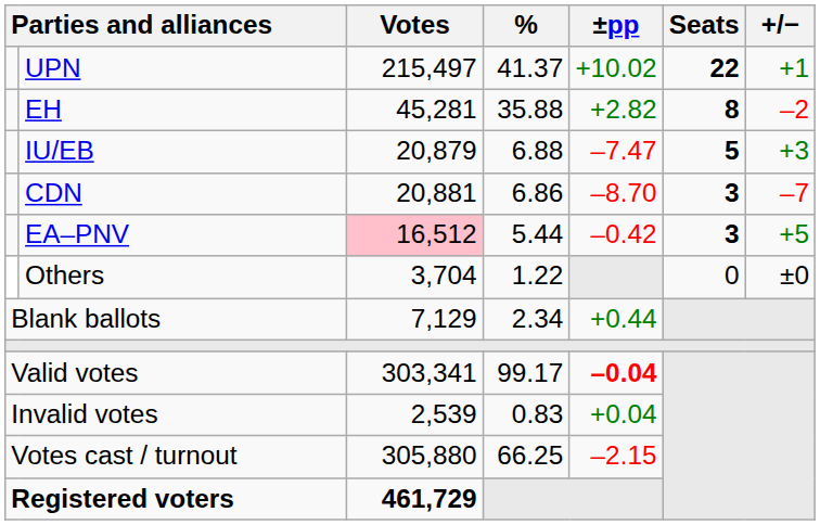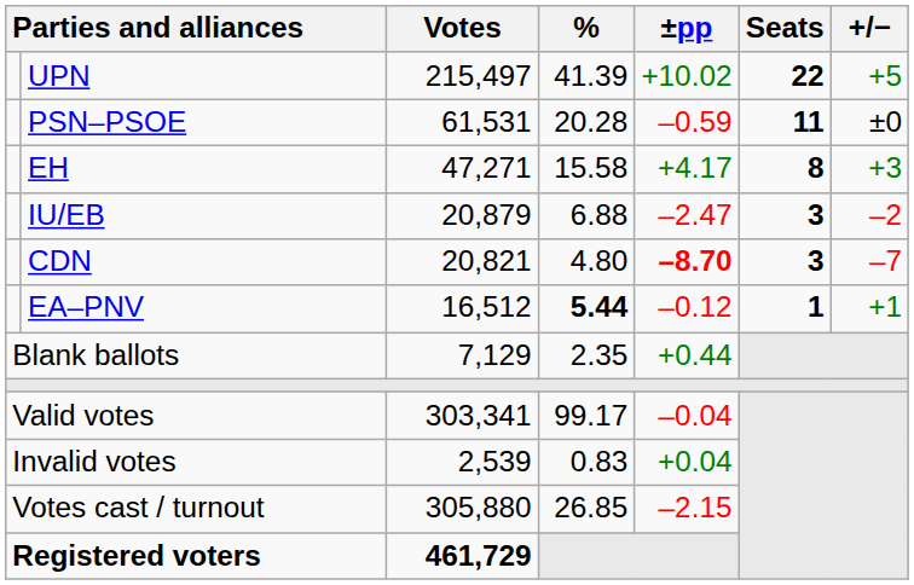 <table class="wikitable" style="text-align:right;">
 <tr>
 <th style="text-align:left;" colspan="2" width="200">Parties and alliances</th>
 <th width="75">Votes</th>
 <th width="45">%</th>
 <th width="45">±<a href='#'>pp</a></th>
 <th width="35">Seats</th>
 <th width="35">+/−</th>
 </tr>
 <tr>
 <td width="1" style="color:inherit;background:"></td>
 <td align="left"><a href='#'>UPN</a></td>
 <td>215,497</td>
-<td>41.37</td>
+<td>41.39</td>
 <td style="color:green;">+10.02</td>
 <td><strong>22</strong></td>
-<td style="color:green;">+1</td>
+<td style="color:green;">+5</td>
+</tr>
+<tr>
+<td style="color:inherit;background:"></td>
+<td align="left"><a href='#'>PSN–PSOE</a></td>
+<td>61,531</td>
+<td>20.28</td>
+<td style="color:red;">–0.59</td>
+<td><strong>11</strong></td>
+<td>±0</td>
 </tr>
 <tr>
 <td style="color:inherit;background:"></td>
 <td align="left"><a href='#'>EH</a></td>
-<td>45,281</td>
-<td>35.88</td>
-<td style="color:green;">+2.82</td>
+<td>47,271</td>
+<td>15.58</td>
+<td style="color:green;">+4.17</td>
 <td><strong>8</strong></td>
-<td style="color:red;">–2</td>
+<td style="color:green;">+3</td>
 </tr>
 <tr>
 <td style="color:inherit;background:"></td>
 <td align="left"><a href='#'>IU/EB</a></td>
 <td>20,879</td>
 <td>6.88</td>
-<td style="color:red;">–7.47</td>
-<td><strong>5</strong></td>
-<td style="color:green;">+3</td>
+<td style="color:red;">–2.47</td>
+<td><strong>3</strong></td>
+<td style="color:red;">–2</td>
 </tr>
 <tr>
 <td style="color:inherit;background:"></td>
 <td align="left"><a href='#'>CDN</a></td>
-<td>20,881</td>
-<td>6.86</td>
-<td style="color:red;">–8.70</td>
+<td>20,821</td>
+<td>4.80</td>
+<td style="color:red;"><strong>–8.70</strong></td>
 <td><strong>3</strong></td>
 <td style="color:red;">–7</td>
 </tr>
 <tr>
 <td style="color:inherit;background:"></td>
 <td align="left"><a href='#'>EA–PNV</a></td>
-<td style="background: pink;">16,512</td>
-<td>5.44</td>
-<td style="color:red;">–0.42</td>
-<td><strong>3</strong></td>
-<td style="color:green;">+5</td>
-</tr>
-<tr>
-<td bgcolor="white"></td>
-<td align="left">Others</td>
-<td>3,704</td>
-<td>1.22</td>
-<td bgcolor="#E9E9E9"></td>
-<td>0</td>
-<td>±0</td>
+<td>16,512</td>
+<td><strong>5.44</strong></td>
+<td style="color:red;">–0.12</td>
+<td><strong>1</strong></td>
+<td style="color:green;">+1</td>
 </tr>
 <tr>
 <td align="left" colspan="2">Blank ballots</td>
 <td>7,129</td>
-<td>2.34</td>
+<td>2.35</td>
 <td style="color:green;">+0.44</td>
 <td bgcolor="#E9E9E9" colspan="2"></td>
 </tr>
 <tr>
 <td colspan="7" bgcolor="#E9E9E9"></td>
 </tr>
 <tr>
 <td align="left" colspan="2">Valid votes</td>
 <td>303,341</td>
 <td>99.17</td>
-<td style="color:red;"><strong>–0.04</strong></td>
+<td style="color:red;">–0.04</td>
 <td bgcolor="#E9E9E9" colspan="2" rowspan="4"></td>
 </tr>
 <tr>
 <td align="left" colspan="2">Invalid votes</td>
 <td>2,539</td>
 <td>0.83</td>
 <td style="color:green;">+0.04</td>
 </tr>
 <tr>
 <td align="left" colspan="2">Votes cast / turnout</td>
 <td>305,880</td>
-<td>66.25</td>
+<td>26.85</td>
 <td style="color:red;">–2.15</td>
 </tr>
 <tr style="font-weight:bold;">
 <td align="left" colspan="2">Registered voters</td>
 <td>461,729</td>
 <td bgcolor="#E9E9E9" colspan="2"></td>
 </tr>
 </table>
